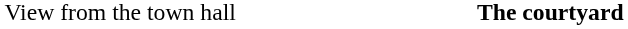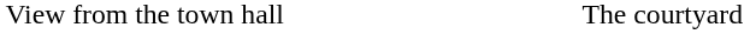 <table class="graytable">
 <tr>
 <td width="29%"></td>
 <td width="5%"></td>
 <td></td>
 </tr>
 <tr>
 <td align="center">View from the town hall</td>
 <td></td>
-<td align="center"><strong>The courtyard</strong></td>
+<td align="center">The courtyard</td>
 </tr>
 </table>
